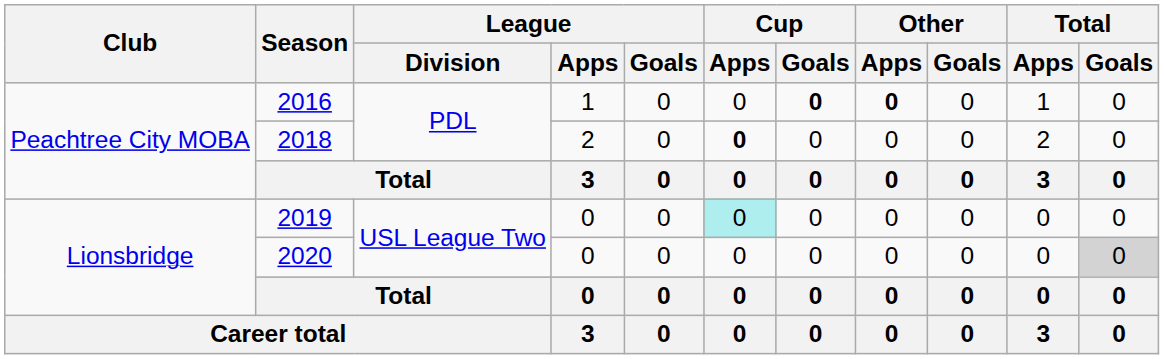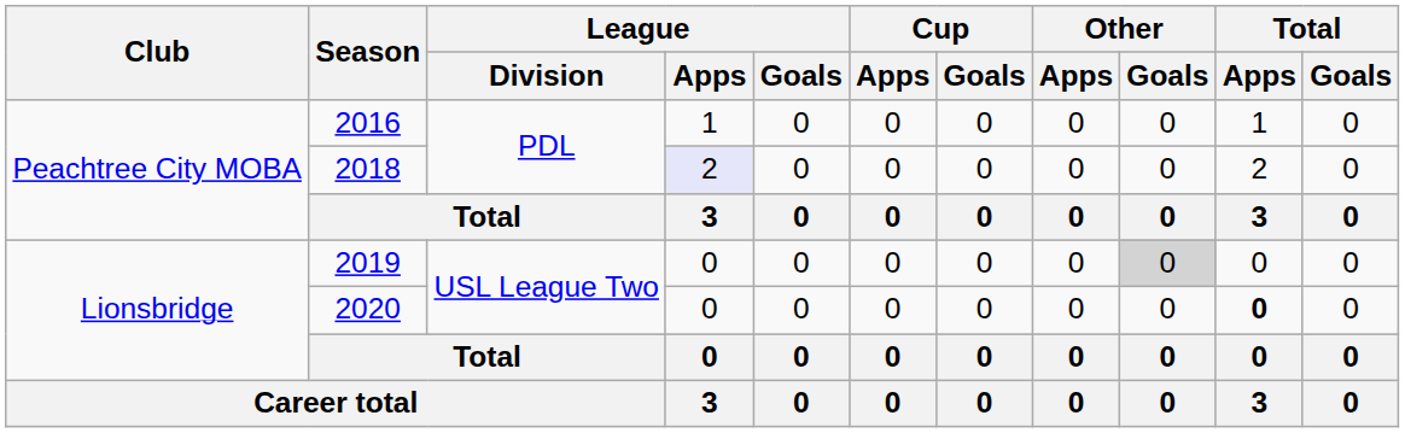 <table class="wikitable" style="text-align: center">
 <tr>
 <th rowspan="2">Club</th>
 <th rowspan="2">Season</th>
 <th colspan="3">League</th>
 <th colspan="2">Cup</th>
 <th colspan="2">Other</th>
 <th colspan="2">Total</th>
 </tr>
 <tr>
 <th>Division</th>
 <th>Apps</th>
 <th>Goals</th>
 <th>Apps</th>
 <th>Goals</th>
 <th>Apps</th>
 <th>Goals</th>
 <th>Apps</th>
 <th>Goals</th>
 </tr>
 <tr>
 <td rowspan="3"><a href='#'>Peachtree City MOBA</a></td>
 <td><a href='#'>2016</a></td>
 <td rowspan="2"><a href='#'>PDL</a></td>
 <td>1</td>
 <td>0</td>
 <td>0</td>
-<td><strong>0</strong></td>
-<td><strong>0</strong></td>
+<td>0</td>
+<td>0</td>
 <td>0</td>
 <td>1</td>
 <td>0</td>
 </tr>
 <tr>
 <td><a href='#'>2018</a></td>
-<td>2</td>
+<td style="background: lavender;">2</td>
 <td>0</td>
-<td><strong>0</strong></td>
+<td>0</td>
 <td>0</td>
 <td>0</td>
 <td>0</td>
 <td>2</td>
 <td>0</td>
 </tr>
 <tr>
 <th colspan="2"><strong>Total</strong></th>
 <th>3</th>
 <th>0</th>
 <th>0</th>
 <th>0</th>
 <th>0</th>
 <th>0</th>
 <th>3</th>
 <th>0</th>
 </tr>
 <tr>
 <td rowspan="3"><a href='#'>Lionsbridge</a></td>
 <td><a href='#'>2019</a></td>
 <td rowspan="2"><a href='#'>USL League Two</a></td>
 <td>0</td>
 <td>0</td>
-<td style="background: paleturquoise;">0</td>
 <td>0</td>
 <td>0</td>
 <td>0</td>
+<td style="background: lightgrey;">0</td>
 <td>0</td>
 <td>0</td>
 </tr>
 <tr>
 <td><a href='#'>2020</a></td>
 <td>0</td>
 <td>0</td>
 <td>0</td>
 <td>0</td>
 <td>0</td>
 <td>0</td>
+<td><strong>0</strong></td>
 <td>0</td>
-<td style="background: lightgrey;">0</td>
 </tr>
 <tr>
 <th colspan="2"><strong>Total</strong></th>
 <th>0</th>
 <th>0</th>
 <th>0</th>
 <th>0</th>
 <th>0</th>
 <th>0</th>
 <th>0</th>
 <th>0</th>
 </tr>
 <tr>
 <th colspan="3"><strong>Career total</strong></th>
 <th>3</th>
 <th>0</th>
 <th>0</th>
 <th>0</th>
 <th>0</th>
 <th>0</th>
 <th>3</th>
 <th>0</th>
 </tr>
 </table>
